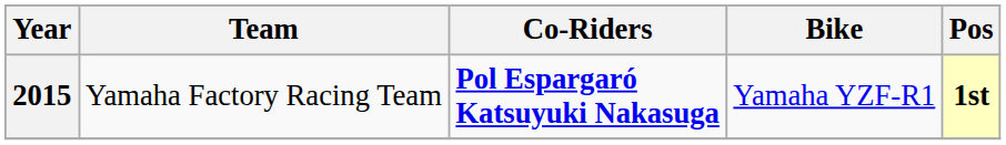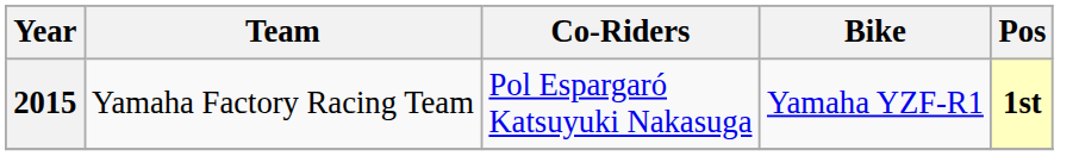 <table class="wikitable" style="font-size:90%">
 <tr>
 <th>Year</th>
 <th>Team</th>
 <th>Co-Riders</th>
 <th>Bike</th>
 <th>Pos</th>
 </tr>
 <tr align="center">
 <th>2015</th>
 <td align="left"> Yamaha Factory Racing Team</td>
-<td align="left"><strong> <a href='#'>Pol Espargaró</a><br> <a href='#'>Katsuyuki Nakasuga</a></strong></td>
+<td align="left"> <a href='#'>Pol Espargaró</a><br> <a href='#'>Katsuyuki Nakasuga</a></td>
 <td align="left"><a href='#'>Yamaha YZF-R1</a></td>
 <td style="background:#FFFFBF;"><strong>1st</strong></td>
 </tr>
 <tr>
 </tr>
 </table>
